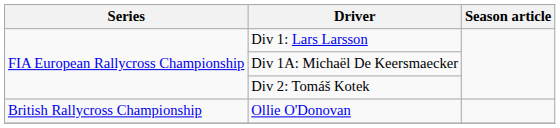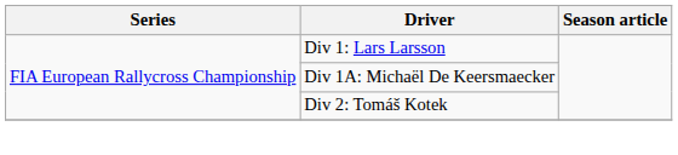 <table class="wikitable" style="font-size: 87%;">
 <tr>
 <th>Series</th>
 <th>Driver</th>
 <th>Season article</th>
 </tr>
 <tr>
 <td rowspan=3><a href='#'>FIA European Rallycross Championship</a></td>
 <td>Div 1:  <a href='#'>Lars Larsson</a></td>
 <td rowspan=3></td>
 </tr>
 <tr>
 <td>Div 1A:  Michaël De Keersmaecker</td>
 </tr>
 <tr>
 <td>Div 2:  Tomáš Kotek</td>
 </tr>
 <tr>
-<td><a href='#'>British Rallycross Championship</a></td>
-<td> <a href='#'>Ollie O'Donovan</a></td>
-<td></td>
-</tr>
-<tr>
 </tr>
 </table>
